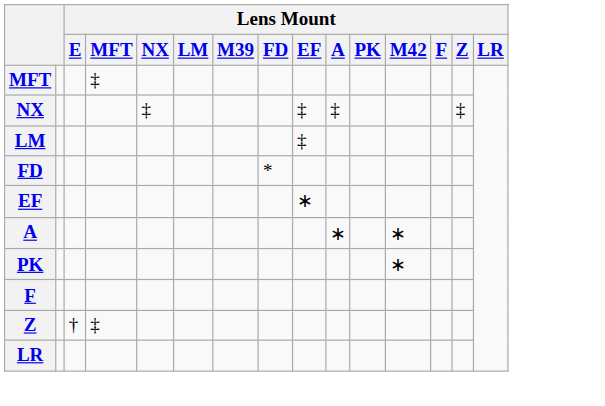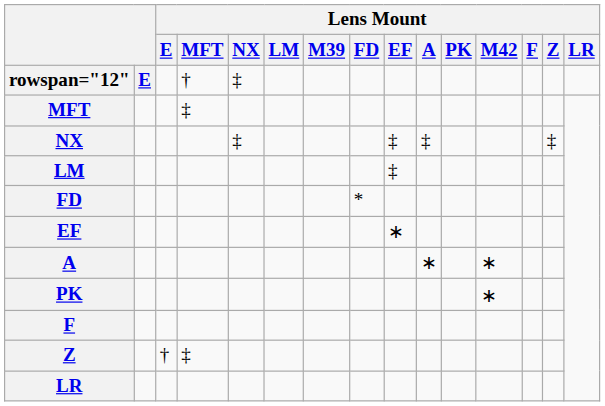 <table class="wikitable">
 <tr>
 <th colspan="2" rowspan="2"></th>
 <th colspan="13">Lens Mount</th>
 </tr>
 <tr>
 <th><a href='#'>E</a></th>
 <th><a href='#'>MFT</a></th>
 <th><a href='#'>NX</a></th>
 <th><a href='#'>LM</a></th>
 <th><a href='#'>M39</a></th>
 <th><a href='#'>FD</a></th>
 <th><a href='#'>EF</a></th>
 <th><a href='#'>A</a></th>
 <th><a href='#'>PK</a></th>
 <th><a href='#'>M42</a></th>
 <th><a href='#'>F</a></th>
 <th><a href='#'>Z</a></th>
 <th><a href='#'>LR</a></th>
+</tr>
+<tr>
+<th>rowspan="12" </th>
+<th><a href='#'>E</a></th>
+<td></td>
+<td>†</td>
+<td>‡</td>
+<td></td>
+<td></td>
+<td></td>
+<td></td>
+<td></td>
+<td></td>
+<td></td>
+<td></td>
+<td></td>
+<td></td>
 </tr>
 <tr>
 <th><a href='#'>MFT</a></th>
 <td></td>
 <td></td>
 <td>‡</td>
 <td></td>
 <td></td>
 <td></td>
 <td></td>
 <td></td>
 <td></td>
 <td></td>
 <td></td>
 <td></td>
 <td></td>
 </tr>
 <tr>
 <th><a href='#'>NX</a></th>
 <td></td>
 <td></td>
 <td></td>
 <td>‡</td>
 <td></td>
 <td></td>
 <td></td>
 <td>‡</td>
 <td>‡</td>
 <td></td>
 <td></td>
 <td></td>
 <td>‡</td>
 </tr>
 <tr>
 <th><a href='#'>LM</a></th>
 <td></td>
 <td></td>
 <td></td>
 <td></td>
 <td></td>
 <td></td>
 <td></td>
 <td>‡</td>
 <td></td>
 <td></td>
 <td></td>
 <td></td>
 <td></td>
 </tr>
 <tr>
 <th><a href='#'>FD</a></th>
 <td></td>
 <td></td>
 <td></td>
 <td></td>
 <td></td>
 <td></td>
 <td>*</td>
 <td></td>
 <td></td>
 <td></td>
 <td></td>
 <td></td>
 <td></td>
 </tr>
 <tr>
 <th><a href='#'>EF</a></th>
 <td></td>
 <td></td>
 <td></td>
 <td></td>
 <td></td>
 <td></td>
 <td></td>
 <td>∗</td>
 <td></td>
 <td></td>
 <td></td>
 <td></td>
 <td></td>
 </tr>
 <tr>
 <th><a href='#'>A</a></th>
 <td></td>
 <td></td>
 <td></td>
 <td></td>
 <td></td>
 <td></td>
 <td></td>
 <td></td>
 <td>∗</td>
 <td></td>
 <td>∗</td>
 <td></td>
 <td></td>
 </tr>
 <tr>
 <th><a href='#'>PK</a></th>
 <td></td>
 <td></td>
 <td></td>
 <td></td>
 <td></td>
 <td></td>
 <td></td>
 <td></td>
 <td></td>
 <td></td>
 <td>∗</td>
 <td></td>
 <td></td>
 </tr>
 <tr>
 <th><a href='#'>F</a></th>
 <td></td>
 <td></td>
 <td></td>
 <td></td>
 <td></td>
 <td></td>
 <td></td>
 <td></td>
 <td></td>
 <td></td>
 <td></td>
 <td></td>
 <td></td>
 </tr>
 <tr>
 <th><a href='#'>Z</a></th>
 <td></td>
 <td>†</td>
 <td>‡</td>
 <td></td>
 <td></td>
 <td></td>
 <td></td>
 <td></td>
 <td></td>
 <td></td>
 <td></td>
 <td></td>
 <td></td>
 </tr>
 <tr>
 <th><a href='#'>LR</a></th>
 <td></td>
 <td></td>
 <td></td>
 <td></td>
 <td></td>
 <td></td>
 <td></td>
 <td></td>
 <td></td>
 <td></td>
 <td></td>
 <td></td>
 <td></td>
 </tr>
 </table>
